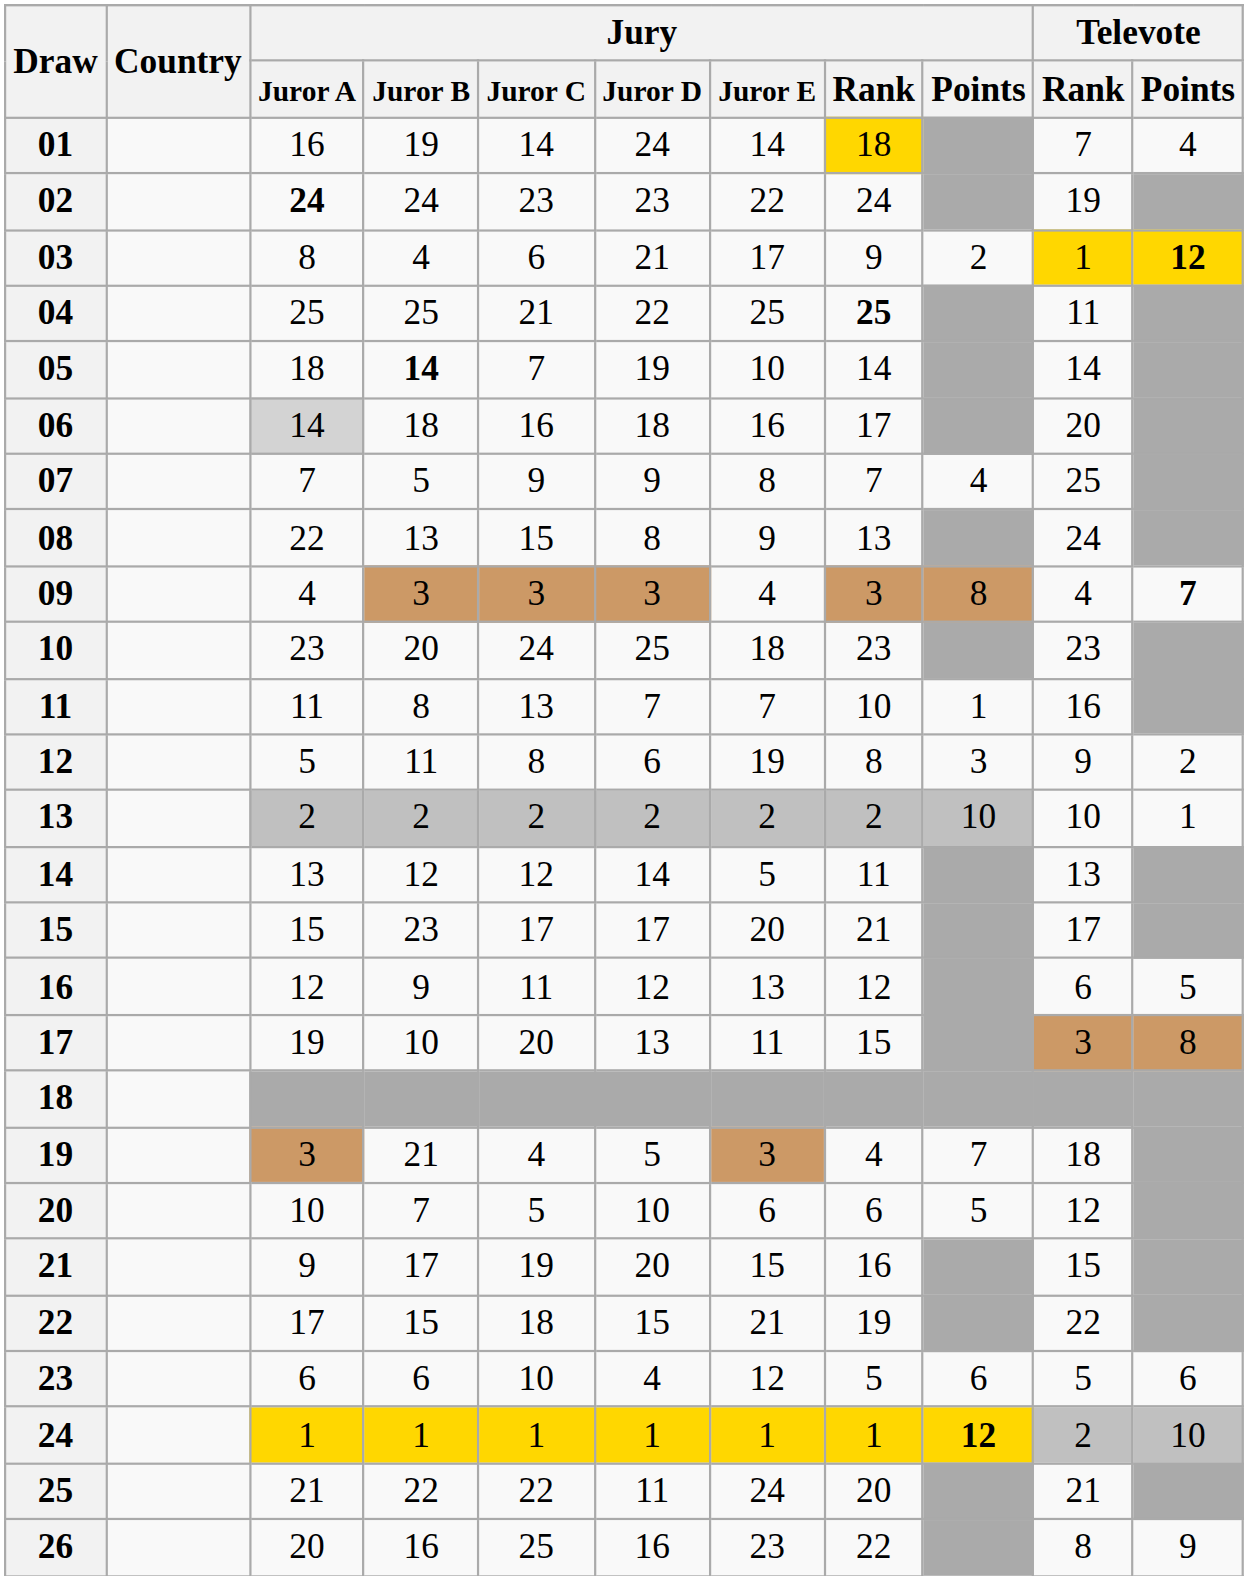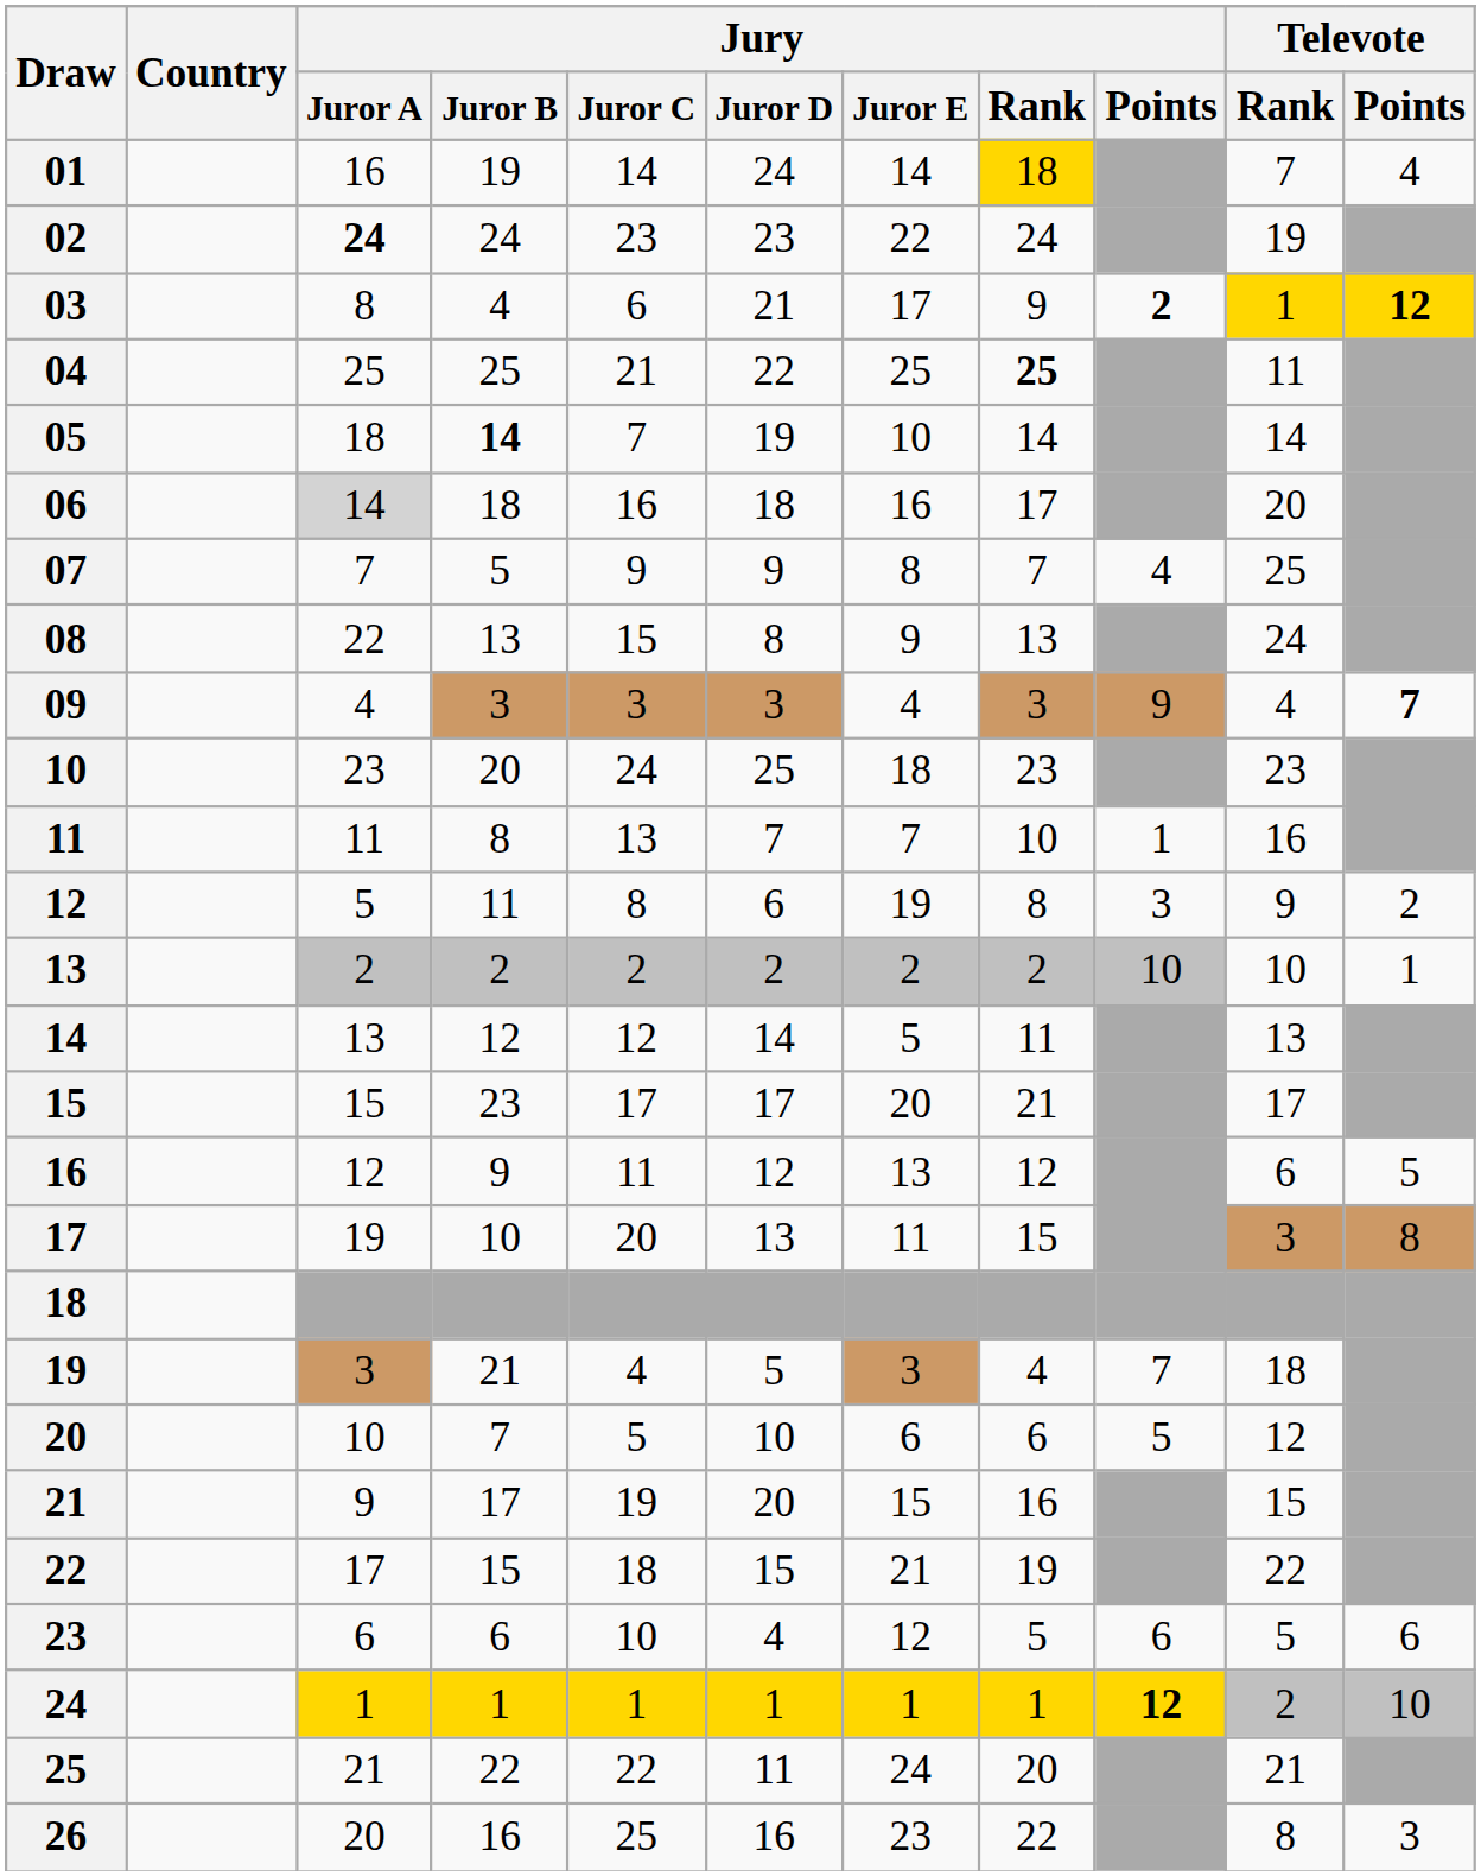 <table class="sortable wikitable collapsible plainrowheaders" style="text-align:center;">
 <tr>
 </tr>
 <tr>
 <th scope="col" rowspan="2">Draw</th>
 <th scope="col" rowspan="2">Country</th>
 <th scope="col" colspan="7">Jury</th>
 <th scope="col" colspan="2">Televote</th>
 </tr>
 <tr>
 <th scope="col"><small>Juror A</small></th>
 <th scope="col"><small>Juror B</small></th>
 <th scope="col"><small>Juror C</small></th>
 <th scope="col"><small>Juror D</small></th>
 <th scope="col"><small>Juror E</small></th>
 <th scope="col">Rank</th>
 <th scope="col" class="unsortable">Points</th>
 <th scope="col">Rank</th>
 <th scope="col" class="unsortable">Points</th>
 </tr>
 <tr>
 <th scope="row" style="text-align:center;">01</th>
 <td style="text-align:left;"></td>
 <td>16</td>
 <td>19</td>
 <td>14</td>
 <td>24</td>
 <td>14</td>
 <td style="background: gold;">18</td>
 <td style="background:#AAAAAA;"></td>
 <td>7</td>
 <td>4</td>
 </tr>
 <tr>
 <th scope="row" style="text-align:center;">02</th>
 <td style="text-align:left;"></td>
 <td><strong>24</strong></td>
 <td>24</td>
 <td>23</td>
 <td>23</td>
 <td>22</td>
 <td>24</td>
 <td style="background:#AAAAAA;"></td>
 <td>19</td>
 <td style="background:#AAAAAA;"></td>
 </tr>
 <tr>
 <th scope="row" style="text-align:center;">03</th>
 <td style="text-align:left;"></td>
 <td>8</td>
 <td>4</td>
 <td>6</td>
 <td>21</td>
 <td>17</td>
 <td>9</td>
-<td>2</td>
+<td><strong>2</strong></td>
 <td style="background:gold;">1</td>
 <td style="background:gold;"><strong>12</strong></td>
 </tr>
 <tr>
 <th scope="row" style="text-align:center;">04</th>
 <td style="text-align:left;"></td>
 <td>25</td>
 <td>25</td>
 <td>21</td>
 <td>22</td>
 <td>25</td>
 <td><strong>25</strong></td>
 <td style="background:#AAAAAA;"></td>
 <td>11</td>
 <td style="background:#AAAAAA;"></td>
 </tr>
 <tr>
 <th scope="row" style="text-align:center;">05</th>
 <td style="text-align:left;"></td>
 <td>18</td>
 <td><strong>14</strong></td>
 <td>7</td>
 <td>19</td>
 <td>10</td>
 <td>14</td>
 <td style="background:#AAAAAA;"></td>
 <td>14</td>
 <td style="background:#AAAAAA;"></td>
 </tr>
 <tr>
 <th scope="row" style="text-align:center;">06</th>
 <td style="text-align:left;"></td>
 <td style="background: lightgrey;">14</td>
 <td>18</td>
 <td>16</td>
 <td>18</td>
 <td>16</td>
 <td>17</td>
 <td style="background:#AAAAAA;"></td>
 <td>20</td>
 <td style="background:#AAAAAA;"></td>
 </tr>
 <tr>
 <th scope="row" style="text-align:center;">07</th>
 <td style="text-align:left;"></td>
 <td>7</td>
 <td>5</td>
 <td>9</td>
 <td>9</td>
 <td>8</td>
 <td>7</td>
 <td>4</td>
 <td>25</td>
 <td style="background:#AAAAAA;"></td>
 </tr>
 <tr>
 <th scope="row" style="text-align:center;">08</th>
 <td style="text-align:left;"></td>
 <td>22</td>
 <td>13</td>
 <td>15</td>
 <td>8</td>
 <td>9</td>
 <td>13</td>
 <td style="background:#AAAAAA;"></td>
 <td>24</td>
 <td style="background:#AAAAAA;"></td>
 </tr>
 <tr>
 <th scope="row" style="text-align:center;">09</th>
 <td style="text-align:left;"></td>
 <td>4</td>
 <td style="background:#CC9966;">3</td>
 <td style="background:#CC9966;">3</td>
 <td style="background:#CC9966;">3</td>
 <td>4</td>
 <td style="background:#CC9966;">3</td>
-<td style="background:#CC9966;">8</td>
+<td style="background:#CC9966;">9</td>
 <td>4</td>
 <td><strong>7</strong></td>
 </tr>
 <tr>
 <th scope="row" style="text-align:center;">10</th>
 <td style="text-align:left;"></td>
 <td>23</td>
 <td>20</td>
 <td>24</td>
 <td>25</td>
 <td>18</td>
 <td>23</td>
 <td style="background:#AAAAAA;"></td>
 <td>23</td>
 <td style="background:#AAAAAA;"></td>
 </tr>
 <tr>
 <th scope="row" style="text-align:center;">11</th>
 <td style="text-align:left;"></td>
 <td>11</td>
 <td>8</td>
 <td>13</td>
 <td>7</td>
 <td>7</td>
 <td>10</td>
 <td>1</td>
 <td>16</td>
 <td style="background:#AAAAAA;"></td>
 </tr>
 <tr>
 <th scope="row" style="text-align:center;">12</th>
 <td style="text-align:left;"></td>
 <td>5</td>
 <td>11</td>
 <td>8</td>
 <td>6</td>
 <td>19</td>
 <td>8</td>
 <td>3</td>
 <td>9</td>
 <td>2</td>
 </tr>
 <tr>
 <th scope="row" style="text-align:center;">13</th>
 <td style="text-align:left;"></td>
 <td style="background:silver;">2</td>
 <td style="background:silver;">2</td>
 <td style="background:silver;">2</td>
 <td style="background:silver;">2</td>
 <td style="background:silver;">2</td>
 <td style="background:silver;">2</td>
 <td style="background:silver;">10</td>
 <td>10</td>
 <td>1</td>
 </tr>
 <tr>
 <th scope="row" style="text-align:center;">14</th>
 <td style="text-align:left;"></td>
 <td>13</td>
 <td>12</td>
 <td>12</td>
 <td>14</td>
 <td>5</td>
 <td>11</td>
 <td style="background:#AAAAAA;"></td>
 <td>13</td>
 <td style="background:#AAAAAA;"></td>
 </tr>
 <tr>
 <th scope="row" style="text-align:center;">15</th>
 <td style="text-align:left;"></td>
 <td>15</td>
 <td>23</td>
 <td>17</td>
 <td>17</td>
 <td>20</td>
 <td>21</td>
 <td style="background:#AAAAAA;"></td>
 <td>17</td>
 <td style="background:#AAAAAA;"></td>
 </tr>
 <tr>
 <th scope="row" style="text-align:center;">16</th>
 <td style="text-align:left;"></td>
 <td>12</td>
 <td>9</td>
 <td>11</td>
 <td>12</td>
 <td>13</td>
 <td>12</td>
 <td style="background:#AAAAAA;"></td>
 <td>6</td>
 <td>5</td>
 </tr>
 <tr>
 <th scope="row" style="text-align:center;">17</th>
 <td style="text-align:left;"></td>
 <td>19</td>
 <td>10</td>
 <td>20</td>
 <td>13</td>
 <td>11</td>
 <td>15</td>
 <td style="background:#AAAAAA;"></td>
 <td style="background:#CC9966;">3</td>
 <td style="background:#CC9966;">8</td>
 </tr>
 <tr class=sortbottom>
 <th scope="row" style="text-align:center;">18</th>
 <td style="text-align:left;"></td>
 <td style="background:#AAAAAA;"></td>
 <td style="background:#AAAAAA;"></td>
 <td style="background:#AAAAAA;"></td>
 <td style="background:#AAAAAA;"></td>
 <td style="background:#AAAAAA;"></td>
 <td style="background:#AAAAAA;"></td>
 <td style="background:#AAAAAA;"></td>
 <td style="background:#AAAAAA;"></td>
 <td style="background:#AAAAAA;"></td>
 </tr>
 <tr>
 <th scope="row" style="text-align:center;">19</th>
 <td style="text-align:left;"></td>
 <td style="background:#CC9966;">3</td>
 <td>21</td>
 <td>4</td>
 <td>5</td>
 <td style="background:#CC9966;">3</td>
 <td>4</td>
 <td>7</td>
 <td>18</td>
 <td style="background:#AAAAAA;"></td>
 </tr>
 <tr>
 <th scope="row" style="text-align:center;">20</th>
 <td style="text-align:left;"></td>
 <td>10</td>
 <td>7</td>
 <td>5</td>
 <td>10</td>
 <td>6</td>
 <td>6</td>
 <td>5</td>
 <td>12</td>
 <td style="background:#AAAAAA;"></td>
 </tr>
 <tr>
 <th scope="row" style="text-align:center;">21</th>
 <td style="text-align:left;"></td>
 <td>9</td>
 <td>17</td>
 <td>19</td>
 <td>20</td>
 <td>15</td>
 <td>16</td>
 <td style="background:#AAAAAA;"></td>
 <td>15</td>
 <td style="background:#AAAAAA;"></td>
 </tr>
 <tr>
 <th scope="row" style="text-align:center;">22</th>
 <td style="text-align:left;"></td>
 <td>17</td>
 <td>15</td>
 <td>18</td>
 <td>15</td>
 <td>21</td>
 <td>19</td>
 <td style="background:#AAAAAA;"></td>
 <td>22</td>
 <td style="background:#AAAAAA;"></td>
 </tr>
 <tr>
 <th scope="row" style="text-align:center;">23</th>
 <td style="text-align:left;"></td>
 <td>6</td>
 <td>6</td>
 <td>10</td>
 <td>4</td>
 <td>12</td>
 <td>5</td>
 <td>6</td>
 <td>5</td>
 <td>6</td>
 </tr>
 <tr>
 <th scope="row" style="text-align:center;">24</th>
 <td style="text-align:left;"></td>
 <td style="background:gold;">1</td>
 <td style="background:gold;">1</td>
 <td style="background:gold;">1</td>
 <td style="background:gold;">1</td>
 <td style="background:gold;">1</td>
 <td style="background:gold;">1</td>
 <td style="background:gold;"><strong>12</strong></td>
 <td style="background:silver;">2</td>
 <td style="background:silver;">10</td>
 </tr>
 <tr>
 <th scope="row" style="text-align:center;">25</th>
 <td style="text-align:left;"></td>
 <td>21</td>
 <td>22</td>
 <td>22</td>
 <td>11</td>
 <td>24</td>
 <td>20</td>
 <td style="background:#AAAAAA;"></td>
 <td>21</td>
 <td style="background:#AAAAAA;"></td>
 </tr>
 <tr>
 <th scope="row" style="text-align:center;">26</th>
 <td style="text-align:left;"></td>
 <td>20</td>
 <td>16</td>
 <td>25</td>
 <td>16</td>
 <td>23</td>
 <td>22</td>
 <td style="background:#AAAAAA;"></td>
 <td>8</td>
-<td>9</td>
+<td>3</td>
 </tr>
 </table>
